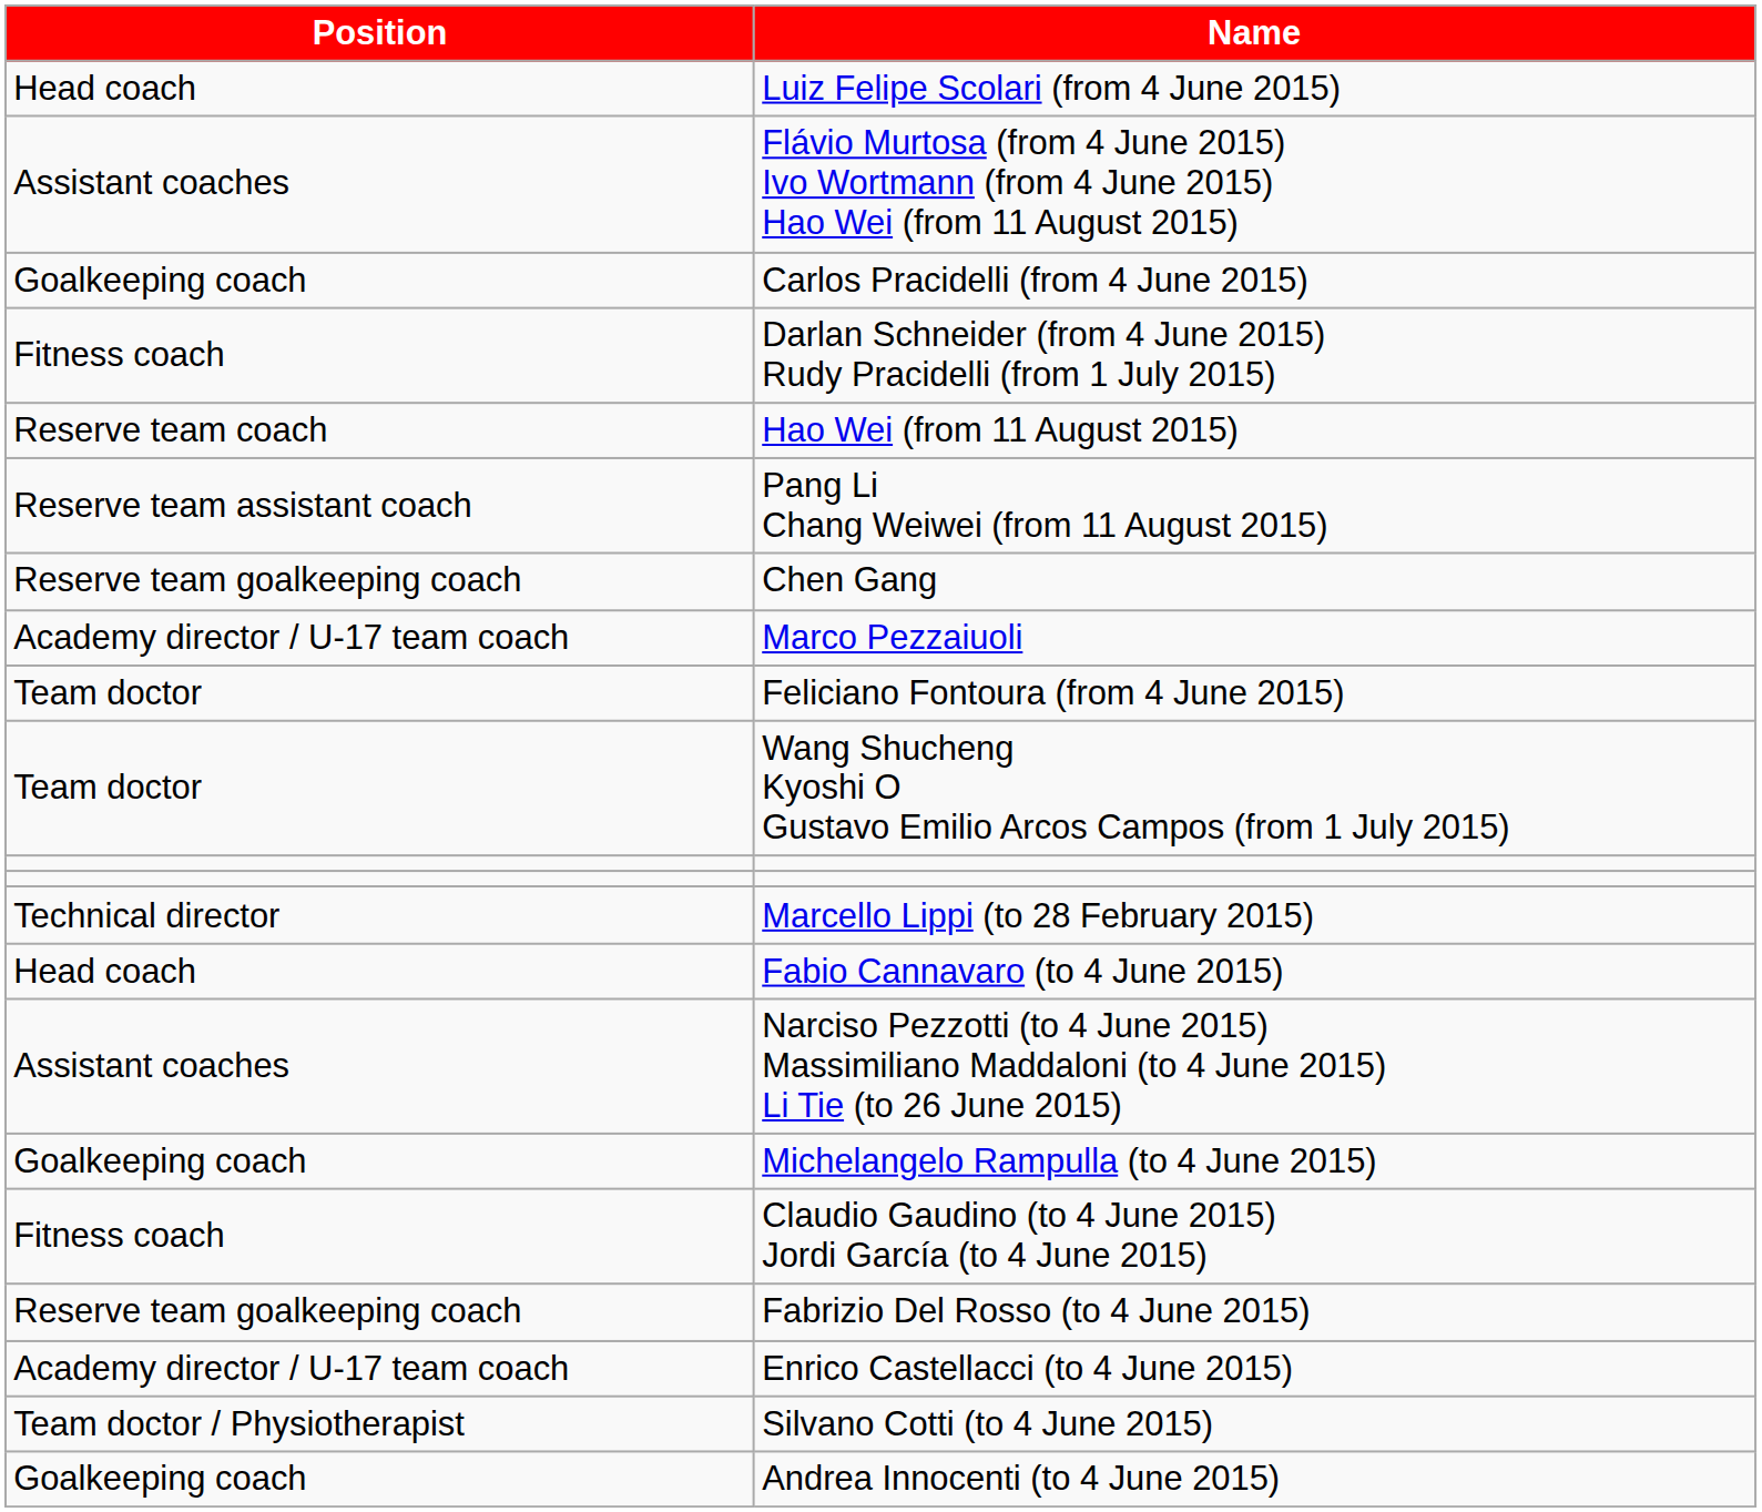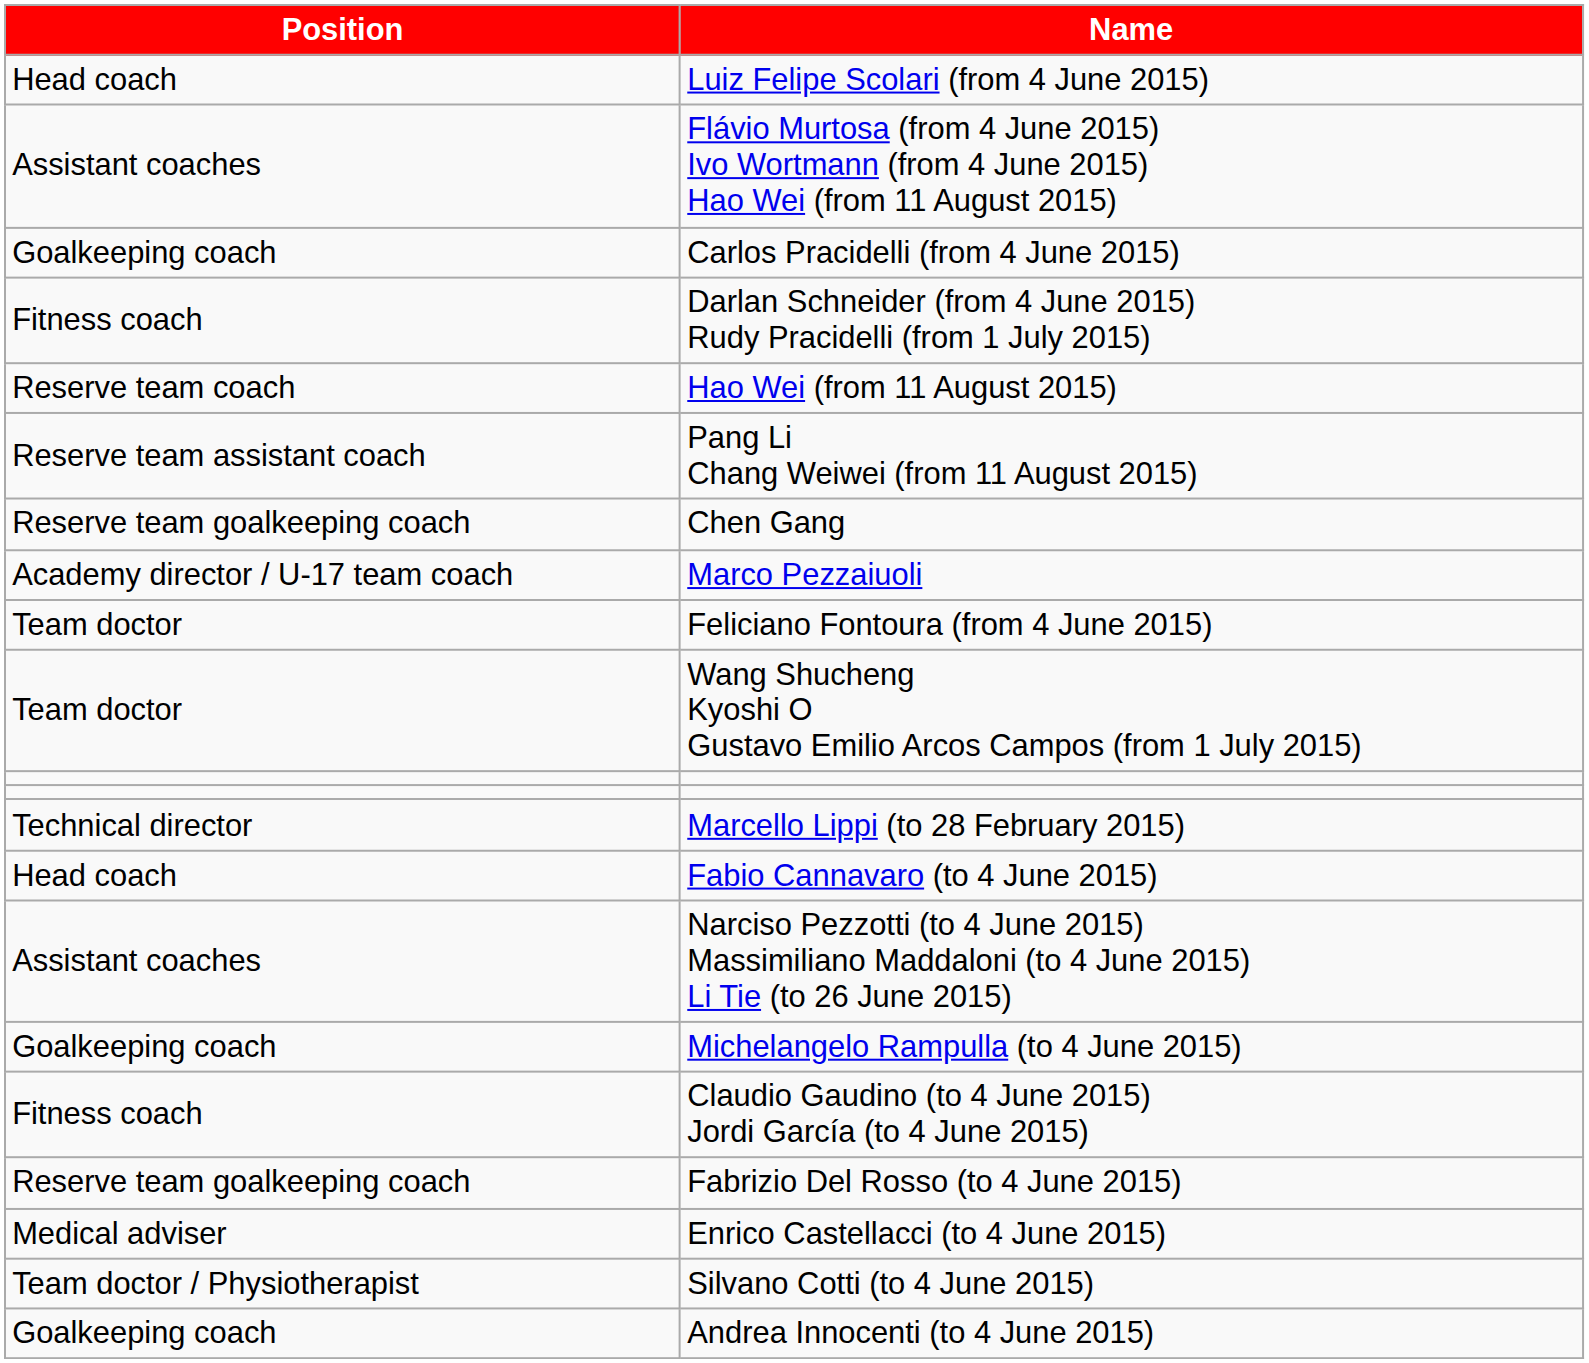 <table class="wikitable" style="text-align: left; font-size:97%" width=40%>
 <tr>
 <th style="color:#FFFFFF; background:#FF0000;">Position</th>
 <th style="color:#FFFFFF; background:#FF0000;">Name</th>
 </tr>
 <tr>
 <td>Head coach</td>
 <td> <a href='#'>Luiz Felipe Scolari</a> (from 4 June 2015)</td>
 </tr>
 <tr>
 <td>Assistant coaches</td>
 <td> <a href='#'>Flávio Murtosa</a> (from 4 June 2015)<br> <a href='#'>Ivo Wortmann</a> (from 4 June 2015)<br> <a href='#'>Hao Wei</a> (from 11 August 2015)</td>
 </tr>
 <tr>
 <td>Goalkeeping coach</td>
 <td> Carlos Pracidelli (from 4 June 2015)</td>
 </tr>
 <tr>
 <td>Fitness coach</td>
 <td> Darlan Schneider (from 4 June 2015)<br> Rudy Pracidelli (from 1 July 2015)</td>
 </tr>
 <tr>
 <td>Reserve team coach</td>
 <td> <a href='#'>Hao Wei</a> (from 11 August 2015)</td>
 </tr>
 <tr>
 <td>Reserve team assistant coach</td>
 <td> Pang Li<br> Chang Weiwei  (from 11 August 2015)</td>
 </tr>
 <tr>
 <td>Reserve team goalkeeping coach</td>
 <td> Chen Gang</td>
 </tr>
 <tr>
 <td>Academy director / U-17 team coach</td>
 <td> <a href='#'>Marco Pezzaiuoli</a></td>
 </tr>
 <tr>
 <td>Team doctor</td>
 <td> Feliciano Fontoura (from 4 June 2015)</td>
 </tr>
 <tr>
 <td>Team doctor</td>
 <td> Wang Shucheng<br> Kyoshi O<br> Gustavo Emilio Arcos Campos (from 1 July 2015)</td>
 </tr>
 <tr>
 <td></td>
 <td></td>
 </tr>
 <tr>
 <td></td>
 <td></td>
 </tr>
 <tr>
 <td>Technical director</td>
 <td> <a href='#'>Marcello Lippi</a> (to 28 February 2015)</td>
 </tr>
 <tr>
 <td>Head coach</td>
 <td> <a href='#'>Fabio Cannavaro</a> (to 4 June 2015)</td>
 </tr>
 <tr>
 <td>Assistant coaches</td>
 <td> Narciso Pezzotti (to 4 June 2015)<br> Massimiliano Maddaloni (to 4 June 2015)<br> <a href='#'>Li Tie</a> (to 26 June 2015)</td>
 </tr>
 <tr>
 <td>Goalkeeping coach</td>
 <td> <a href='#'>Michelangelo Rampulla</a> (to 4 June 2015)</td>
 </tr>
 <tr>
 <td>Fitness coach</td>
 <td> Claudio Gaudino (to 4 June 2015)<br> Jordi García (to 4 June 2015)</td>
 </tr>
 <tr>
 <td>Reserve team goalkeeping coach</td>
 <td> Fabrizio Del Rosso (to 4 June 2015)</td>
 </tr>
 <tr>
-<td>Academy director / U-17 team coach</td>
+<td>Medical adviser</td>
 <td> Enrico Castellacci (to 4 June 2015)</td>
 </tr>
 <tr>
 <td>Team doctor / Physiotherapist</td>
 <td> Silvano Cotti (to 4 June 2015)</td>
 </tr>
 <tr>
 <td>Goalkeeping coach</td>
 <td> Andrea Innocenti (to 4 June 2015)</td>
 </tr>
 </table>
